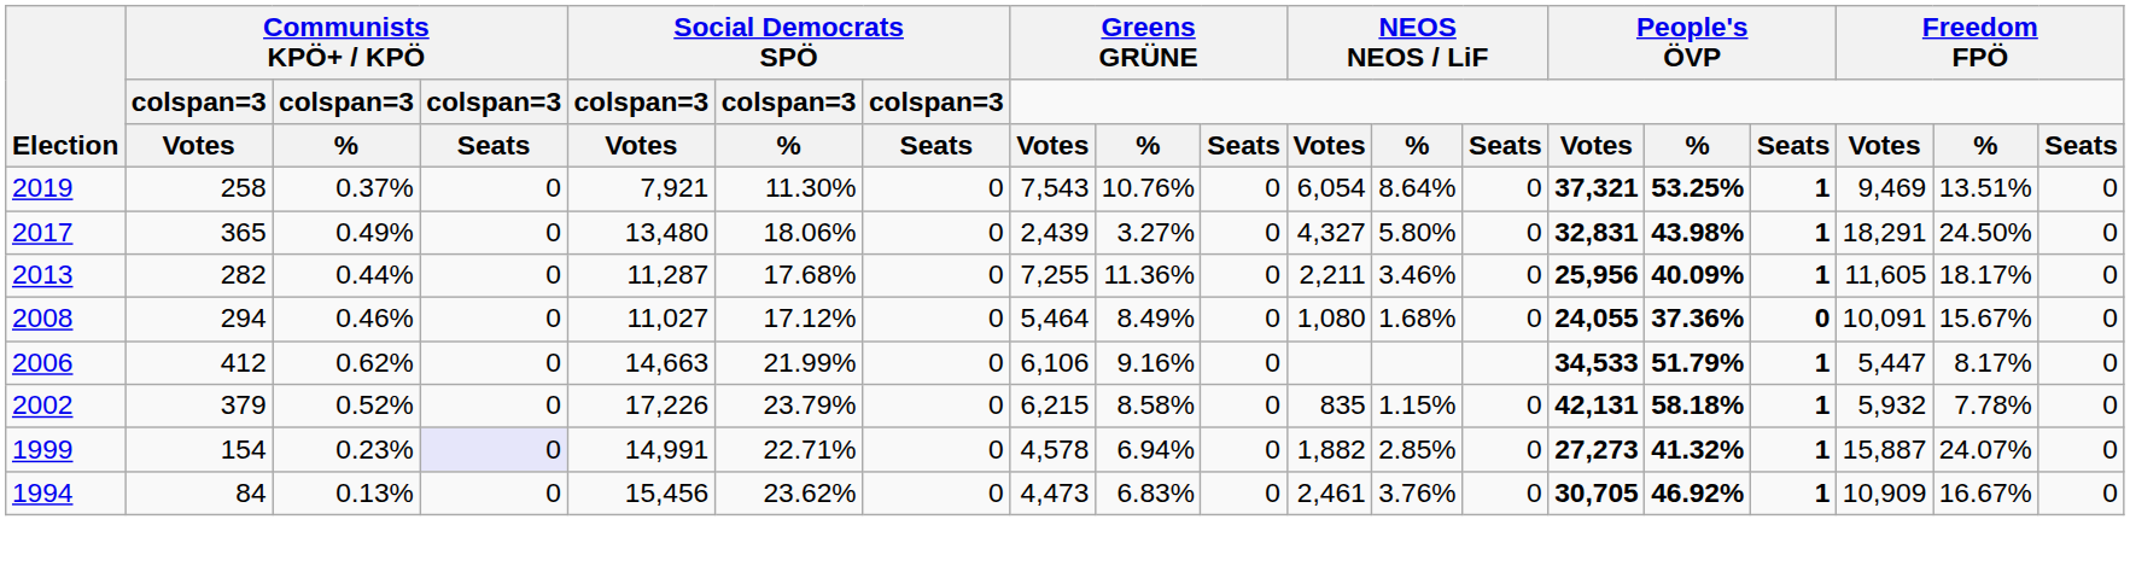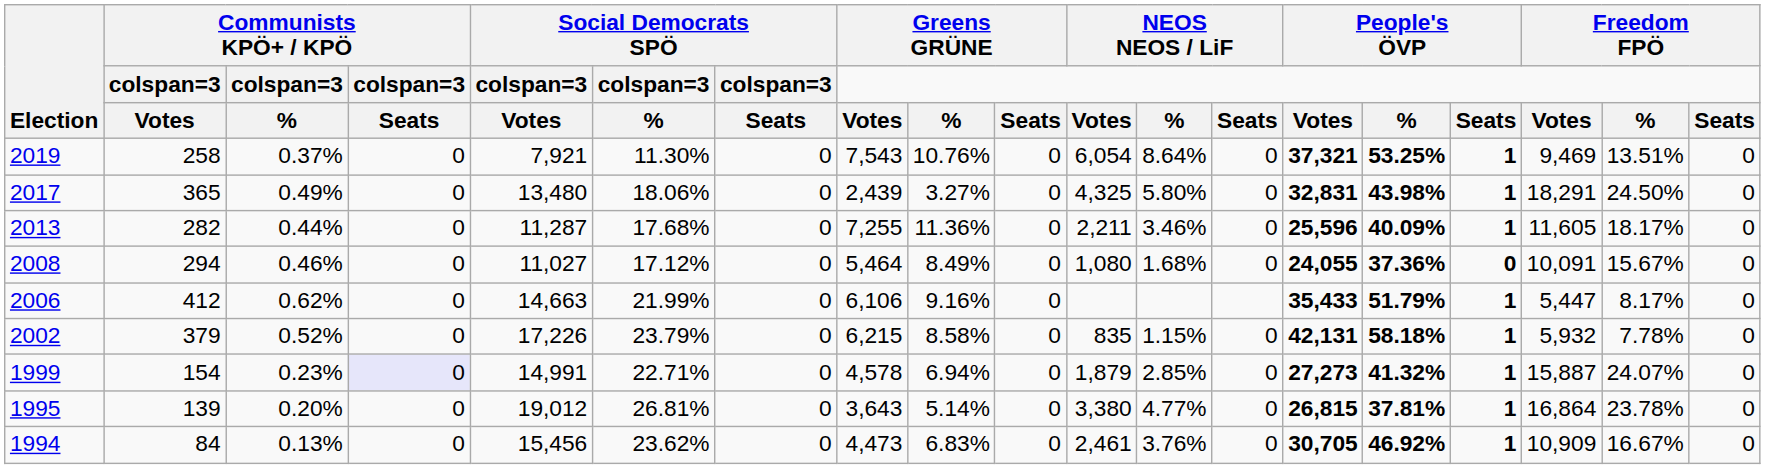 <table class="wikitable" border="1" style="font-size:100%; text-align:right;">
 <tr>
 <th style="text-align:left;" valign=bottom rowspan=3>Election</th>
 <th valign=bottom colspan=3><a href='#'>Communists</a><br>KPÖ+ / KPÖ</th>
 <th valign=bottom colspan=3><a href='#'>Social Democrats</a><br>SPÖ</th>
 <th valign=bottom colspan=3><a href='#'>Greens</a><br>GRÜNE</th>
 <th valign=bottom colspan=3><a href='#'>NEOS</a><br>NEOS / LiF</th>
 <th valign=bottom colspan=3><a href='#'>People's</a><br>ÖVP</th>
 <th valign=bottom colspan=3><a href='#'>Freedom</a><br>FPÖ</th>
 </tr>
 <tr>
 <th>colspan=3 </th>
 <th>colspan=3 </th>
 <th>colspan=3 </th>
 <th>colspan=3 </th>
 <th>colspan=3 </th>
 <th>colspan=3 </th>
 </tr>
 <tr>
 <th>Votes</th>
 <th>%</th>
 <th>Seats</th>
 <th>Votes</th>
 <th>%</th>
 <th>Seats</th>
 <th>Votes</th>
 <th>%</th>
 <th>Seats</th>
 <th>Votes</th>
 <th>%</th>
 <th>Seats</th>
 <th>Votes</th>
 <th>%</th>
 <th>Seats</th>
 <th>Votes</th>
 <th>%</th>
 <th>Seats</th>
 </tr>
 <tr>
 <td align=left><a href='#'>2019</a></td>
 <td>258</td>
 <td>0.37%</td>
 <td>0</td>
 <td>7,921</td>
 <td>11.30%</td>
 <td>0</td>
 <td>7,543</td>
 <td>10.76%</td>
 <td>0</td>
 <td>6,054</td>
 <td>8.64%</td>
 <td>0</td>
 <td><strong>37,321</strong></td>
 <td><strong>53.25%</strong></td>
 <td><strong>1</strong></td>
 <td>9,469</td>
 <td>13.51%</td>
 <td>0</td>
 </tr>
 <tr>
 <td align=left><a href='#'>2017</a></td>
 <td>365</td>
 <td>0.49%</td>
 <td>0</td>
 <td>13,480</td>
 <td>18.06%</td>
 <td>0</td>
 <td>2,439</td>
 <td>3.27%</td>
 <td>0</td>
-<td>4,327</td>
+<td>4,325</td>
 <td>5.80%</td>
 <td>0</td>
 <td><strong>32,831</strong></td>
 <td><strong>43.98%</strong></td>
 <td><strong>1</strong></td>
 <td>18,291</td>
 <td>24.50%</td>
 <td>0</td>
 </tr>
 <tr>
 <td align=left><a href='#'>2013</a></td>
 <td>282</td>
 <td>0.44%</td>
 <td>0</td>
 <td>11,287</td>
 <td>17.68%</td>
 <td>0</td>
 <td>7,255</td>
 <td>11.36%</td>
 <td>0</td>
 <td>2,211</td>
 <td>3.46%</td>
 <td>0</td>
-<td><strong>25,956</strong></td>
+<td><strong>25,596</strong></td>
 <td><strong>40.09%</strong></td>
 <td><strong>1</strong></td>
 <td>11,605</td>
 <td>18.17%</td>
 <td>0</td>
 </tr>
 <tr>
 <td align=left><a href='#'>2008</a></td>
 <td>294</td>
 <td>0.46%</td>
 <td>0</td>
 <td>11,027</td>
 <td>17.12%</td>
 <td>0</td>
 <td>5,464</td>
 <td>8.49%</td>
 <td>0</td>
 <td>1,080</td>
 <td>1.68%</td>
 <td>0</td>
 <td><strong>24,055</strong></td>
 <td><strong>37.36%</strong></td>
 <td><strong>0</strong></td>
 <td>10,091</td>
 <td>15.67%</td>
 <td>0</td>
 </tr>
 <tr>
 <td align=left><a href='#'>2006</a></td>
 <td>412</td>
 <td>0.62%</td>
 <td>0</td>
 <td>14,663</td>
 <td>21.99%</td>
 <td>0</td>
 <td>6,106</td>
 <td>9.16%</td>
 <td>0</td>
 <td></td>
 <td></td>
 <td></td>
-<td><strong>34,533</strong></td>
+<td><strong>35,433</strong></td>
 <td><strong>51.79%</strong></td>
 <td><strong>1</strong></td>
 <td>5,447</td>
 <td>8.17%</td>
 <td>0</td>
 </tr>
 <tr>
 <td align=left><a href='#'>2002</a></td>
 <td>379</td>
 <td>0.52%</td>
 <td>0</td>
 <td>17,226</td>
 <td>23.79%</td>
 <td>0</td>
 <td>6,215</td>
 <td>8.58%</td>
 <td>0</td>
 <td>835</td>
 <td>1.15%</td>
 <td>0</td>
 <td><strong>42,131</strong></td>
 <td><strong>58.18%</strong></td>
 <td><strong>1</strong></td>
 <td>5,932</td>
 <td>7.78%</td>
 <td>0</td>
 </tr>
 <tr>
 <td align=left><a href='#'>1999</a></td>
 <td>154</td>
 <td>0.23%</td>
 <td style="background: lavender;">0</td>
 <td>14,991</td>
 <td>22.71%</td>
 <td>0</td>
 <td>4,578</td>
 <td>6.94%</td>
 <td>0</td>
-<td>1,882</td>
+<td>1,879</td>
 <td>2.85%</td>
 <td>0</td>
 <td><strong>27,273</strong></td>
 <td><strong>41.32%</strong></td>
 <td><strong>1</strong></td>
 <td>15,887</td>
 <td>24.07%</td>
+<td>0</td>
+</tr>
+<tr>
+<td align=left><a href='#'>1995</a></td>
+<td>139</td>
+<td>0.20%</td>
+<td>0</td>
+<td>19,012</td>
+<td>26.81%</td>
+<td>0</td>
+<td>3,643</td>
+<td>5.14%</td>
+<td>0</td>
+<td>3,380</td>
+<td>4.77%</td>
+<td>0</td>
+<td><strong>26,815</strong></td>
+<td><strong>37.81%</strong></td>
+<td><strong>1</strong></td>
+<td>16,864</td>
+<td>23.78%</td>
 <td>0</td>
 </tr>
 <tr>
 <td align=left><a href='#'>1994</a></td>
 <td>84</td>
 <td>0.13%</td>
 <td>0</td>
 <td>15,456</td>
 <td>23.62%</td>
 <td>0</td>
 <td>4,473</td>
 <td>6.83%</td>
 <td>0</td>
 <td>2,461</td>
 <td>3.76%</td>
 <td>0</td>
 <td><strong>30,705</strong></td>
 <td><strong>46.92%</strong></td>
 <td><strong>1</strong></td>
 <td>10,909</td>
 <td>16.67%</td>
 <td>0</td>
 </tr>
 </table>
